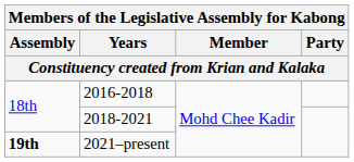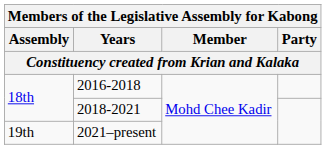 <table class=wikitable>
 <tr>
 <th colspan="4">Members of the Legislative Assembly for Kabong</th>
 </tr>
 <tr>
 <th>Assembly</th>
 <th>Years</th>
 <th>Member</th>
 <th>Party</th>
 </tr>
 <tr>
 <th colspan=4 align=center><em>Constituency created from Krian and Kalaka</em></th>
 </tr>
 <tr>
 <td rowspan="2"><a href='#'>18th</a></td>
 <td>2016-2018</td>
 <td rowspan="3"><a href='#'>Mohd Chee Kadir</a></td>
 <td bgcolor=></td>
 </tr>
 <tr>
 <td>2018-2021</td>
 <td rowspan=2 bgcolor=></td>
 </tr>
 <tr>
-<td><strong>19th</strong></td>
+<td>19th</td>
 <td>2021–present</td>
 </tr>
 </table>
